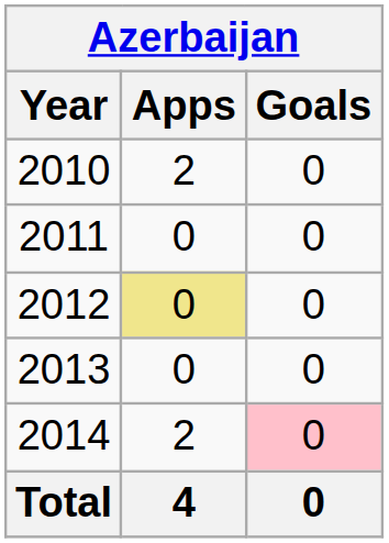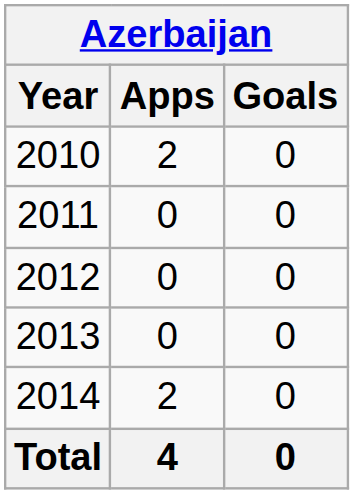 <table class="wikitable" style="text-align:center">
 <tr>
 <th colspan=3><a href='#'>Azerbaijan</a></th>
 </tr>
 <tr>
 <th>Year</th>
 <th>Apps</th>
 <th>Goals</th>
 </tr>
 <tr>
 <td>2010</td>
 <td>2</td>
 <td>0</td>
 </tr>
 <tr>
 <td>2011</td>
 <td>0</td>
 <td>0</td>
 </tr>
 <tr>
 <td>2012</td>
-<td style="background: khaki;">0</td>
+<td>0</td>
 <td>0</td>
 </tr>
 <tr>
 <td>2013</td>
 <td>0</td>
 <td>0</td>
 </tr>
 <tr>
 <td>2014</td>
 <td>2</td>
-<td style="background: pink;">0</td>
+<td>0</td>
 </tr>
 <tr>
 <th>Total</th>
 <th>4</th>
 <th>0</th>
 </tr>
 </table>
